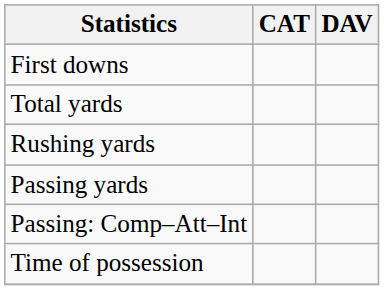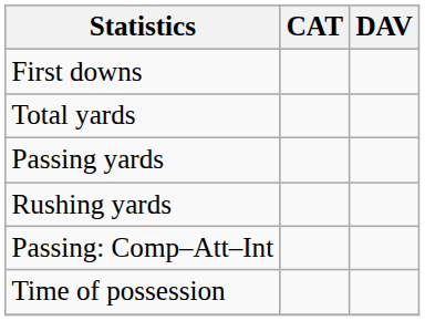 <table class="wikitable" style="float: left;">
 <tr>
 <th>Statistics</th>
 <th>CAT</th>
 <th>DAV</th>
 </tr>
 <tr>
 <td>First downs</td>
 <td></td>
 <td></td>
 </tr>
 <tr>
 <td>Total yards</td>
 <td></td>
 <td></td>
 </tr>
 <tr>
-<td>Rushing yards</td>
+<td>Passing yards</td>
 <td></td>
 <td></td>
 </tr>
 <tr>
-<td>Passing yards</td>
+<td>Rushing yards</td>
 <td></td>
 <td></td>
 </tr>
 <tr>
 <td>Passing: Comp–Att–Int</td>
 <td></td>
 <td></td>
 </tr>
 <tr>
 <td>Time of possession</td>
 <td></td>
 <td></td>
 </tr>
 <tr>
 </tr>
 </table>
